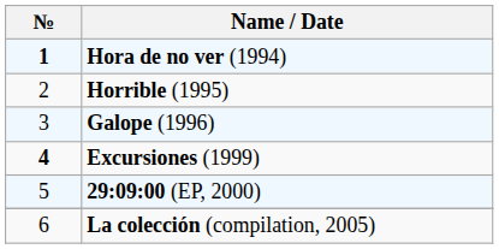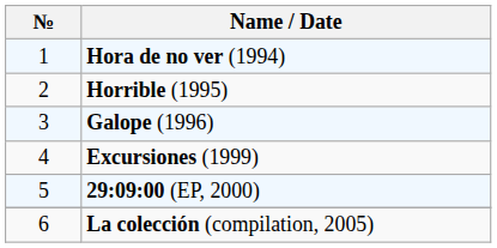 <table class="wikitable sortable">
 <tr>
 <th align="left" width="50px">№</th>
 <th align="left" width="300px">Name / Date</th>
 </tr>
 <tr bgcolor="#F0F8FF">
-<td align="center"><strong>1</strong></td>
+<td align="center">1</td>
 <td align="left"><strong>Hora de no ver</strong> (1994)</td>
 </tr>
 <tr>
 <td align="center">2</td>
 <td align="left"><strong>Horrible</strong> (1995)</td>
 </tr>
 <tr bgcolor="#F0F8FF">
 <td align="center">3</td>
 <td align="left"><strong>Galope</strong> (1996)</td>
 </tr>
 <tr>
-<td align="center"><strong>4</strong></td>
+<td align="center">4</td>
 <td align="left"><strong>Excursiones</strong> (1999)</td>
 </tr>
 <tr bgcolor="#F0F8FF">
 <td align="center">5</td>
 <td align="left"><strong>29:09:00</strong> (EP, 2000)</td>
 </tr>
 <tr bgcolor="#F0F8FF">
 </tr>
 <tr>
 <td align="center">6</td>
 <td align="left"><strong>La colección</strong> (compilation, 2005)</td>
 </tr>
 </table>
